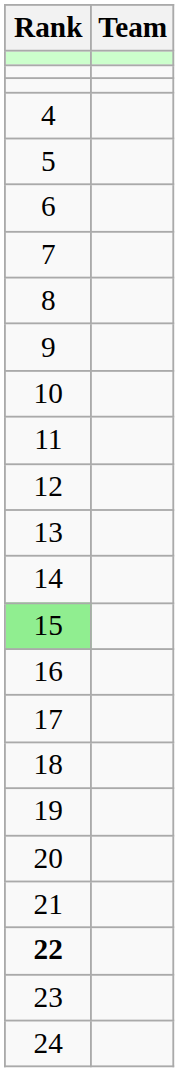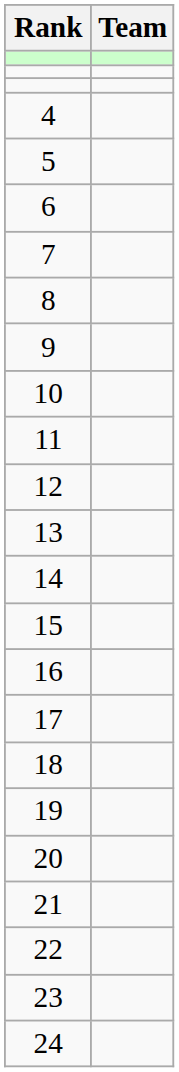 <table class="wikitable" style="text-align:center">
 <tr>
 <th width=40>Rank</th>
 <th>Team</th>
 </tr>
 <tr bgcolor=#ccffcc>
 <td></td>
 <td style="text-align:left"></td>
 </tr>
 <tr>
 <td></td>
 <td style="text-align:left"></td>
 </tr>
 <tr>
 <td></td>
 <td style="text-align:left"></td>
 </tr>
 <tr>
 <td>4</td>
 <td style="text-align:left"></td>
 </tr>
 <tr>
 <td>5</td>
 <td style="text-align:left"></td>
 </tr>
 <tr>
 <td>6</td>
 <td style="text-align:left"></td>
 </tr>
 <tr>
 <td>7</td>
 <td style="text-align:left"></td>
 </tr>
 <tr>
 <td>8</td>
 <td style="text-align:left"></td>
 </tr>
 <tr>
 <td>9</td>
 <td style="text-align:left"></td>
 </tr>
 <tr>
 <td>10</td>
 <td style="text-align:left"></td>
 </tr>
 <tr>
 <td>11</td>
 <td style="text-align:left"></td>
 </tr>
 <tr>
 <td>12</td>
 <td style="text-align:left"></td>
 </tr>
 <tr>
 <td>13</td>
 <td style="text-align:left"></td>
 </tr>
 <tr>
 <td>14</td>
 <td style="text-align:left"></td>
 </tr>
 <tr>
-<td style="background: lightgreen;">15</td>
+<td>15</td>
 <td style="text-align:left"></td>
 </tr>
 <tr>
 <td>16</td>
 <td style="text-align:left"></td>
 </tr>
 <tr>
 <td>17</td>
 <td style="text-align:left"></td>
 </tr>
 <tr>
 <td>18</td>
 <td style="text-align:left"></td>
 </tr>
 <tr>
 <td>19</td>
 <td style="text-align:left"></td>
 </tr>
 <tr>
 <td>20</td>
 <td style="text-align:left"></td>
 </tr>
 <tr>
 <td>21</td>
 <td style="text-align:left"></td>
 </tr>
 <tr>
-<td><strong>22</strong></td>
+<td>22</td>
 <td style="text-align:left"></td>
 </tr>
 <tr>
 <td>23</td>
 <td style="text-align:left"></td>
 </tr>
 <tr>
 <td>24</td>
 <td style="text-align:left"></td>
 </tr>
 </table>
